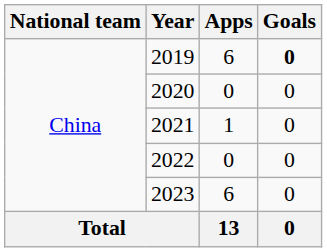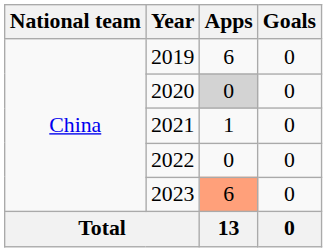 <table class="wikitable" style="text-align:center">
 <tr>
 <th>National team</th>
 <th>Year</th>
 <th>Apps</th>
 <th>Goals</th>
 </tr>
 <tr>
 <td rowspan="5"><a href='#'>China</a></td>
 <td>2019</td>
 <td>6</td>
-<td><strong>0</strong></td>
+<td>0</td>
 </tr>
 <tr>
 <td>2020</td>
-<td>0</td>
+<td style="background: lightgrey;">0</td>
 <td>0</td>
 </tr>
 <tr>
 <td>2021</td>
 <td>1</td>
 <td>0</td>
 </tr>
 <tr>
 <td>2022</td>
 <td>0</td>
 <td>0</td>
 </tr>
 <tr>
 <td>2023</td>
-<td>6</td>
+<td style="background: lightsalmon;">6</td>
 <td>0</td>
 </tr>
 <tr>
 <th colspan="2">Total</th>
 <th>13</th>
 <th>0</th>
 </tr>
 </table>
